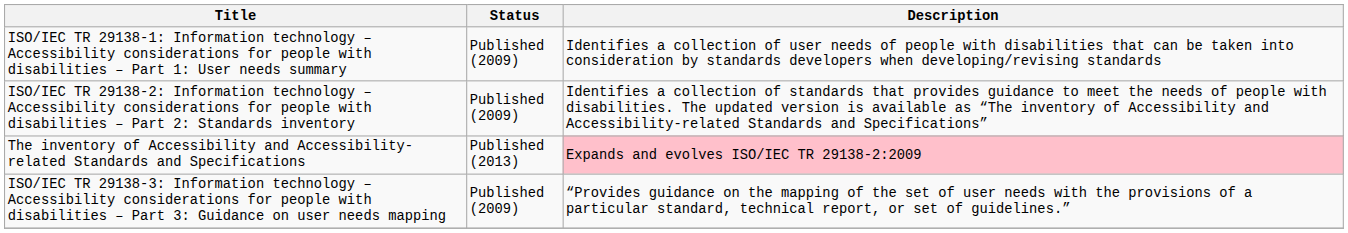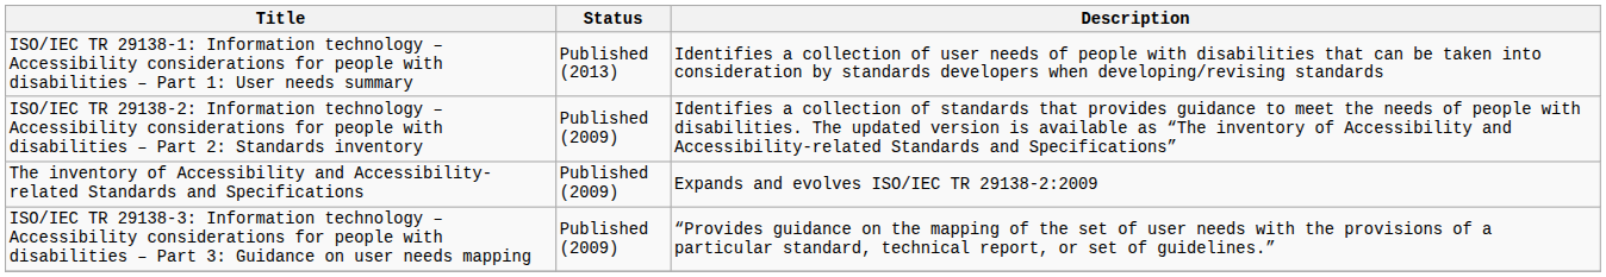 <table class="wikitable sortable" width="100%">
 <tr>
 <th width="29%">Title</th>
 <th width="6%">Status</th>
 <th width="49%">Description</th>
 </tr>
 <tr>
 <td>ISO/IEC TR 29138-1: Information technology – Accessibility considerations for people with disabilities – Part 1: User needs summary</td>
-<td>Published (2009)</td>
+<td>Published (2013)</td>
 <td>Identifies a collection of user needs of people with disabilities that can be taken into consideration by standards developers when developing/revising standards</td>
 </tr>
 <tr>
 <td>ISO/IEC TR 29138-2: Information technology – Accessibility considerations for people with disabilities – Part 2: Standards inventory</td>
 <td>Published (2009)</td>
 <td>Identifies a collection of standards that provides guidance to meet the needs of people with disabilities. The updated version is available as “The inventory of Accessibility and Accessibility-related Standards and Specifications”</td>
 </tr>
 <tr>
 <td>The inventory of Accessibility and Accessibility-related Standards and Specifications</td>
-<td>Published (2013)</td>
-<td style="background: pink;">Expands and evolves ISO/IEC TR 29138-2:2009</td>
+<td>Published (2009)</td>
+<td>Expands and evolves ISO/IEC TR 29138-2:2009</td>
 </tr>
 <tr>
 <td>ISO/IEC TR 29138-3: Information technology – Accessibility considerations for people with disabilities – Part 3: Guidance on user needs mapping</td>
 <td>Published (2009)</td>
 <td>“Provides guidance on the mapping of the set of user needs with the provisions of a particular standard, technical report, or set of guidelines.”</td>
 </tr>
 <tr>
 </tr>
 </table>
